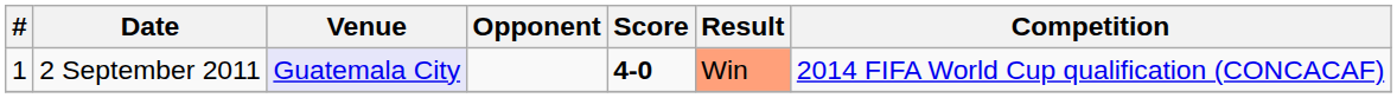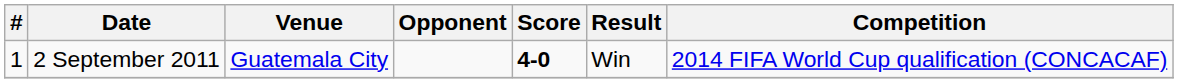 <table class="wikitable">
 <tr>
 <th>#</th>
 <th>Date</th>
 <th>Venue</th>
 <th>Opponent</th>
 <th>Score</th>
 <th>Result</th>
 <th>Competition</th>
 </tr>
 <tr>
 <td>1</td>
 <td>2 September 2011</td>
-<td style="background: lavender;"><a href='#'>Guatemala City</a></td>
+<td><a href='#'>Guatemala City</a></td>
 <td></td>
 <td><strong>4-0</strong></td>
-<td style="background: lightsalmon;">Win</td>
+<td>Win</td>
 <td><a href='#'>2014 FIFA World Cup qualification (CONCACAF)</a></td>
 </tr>
 <tr>
 </tr>
 </table>
